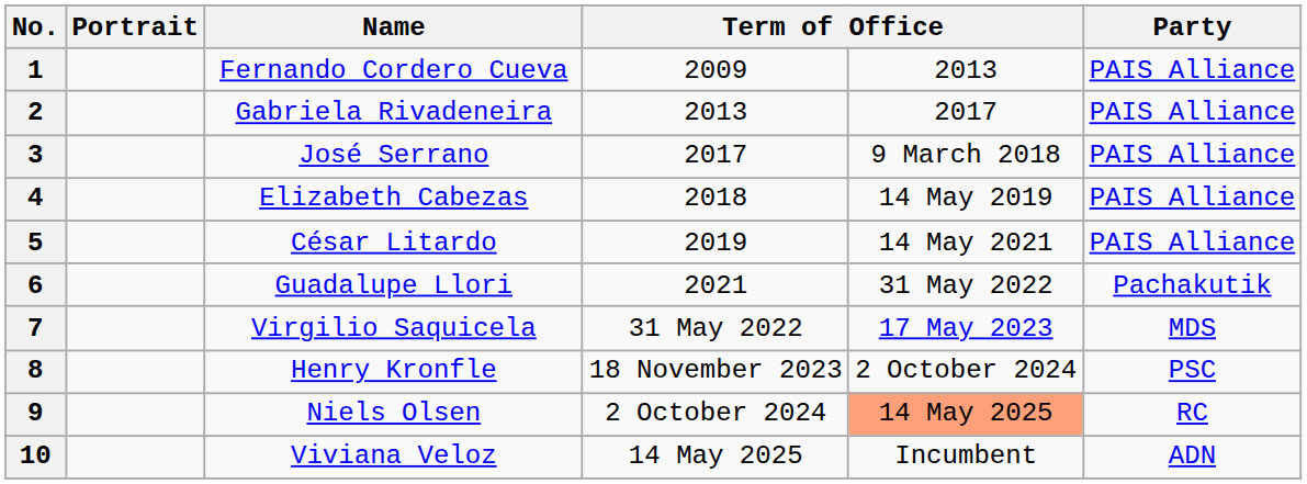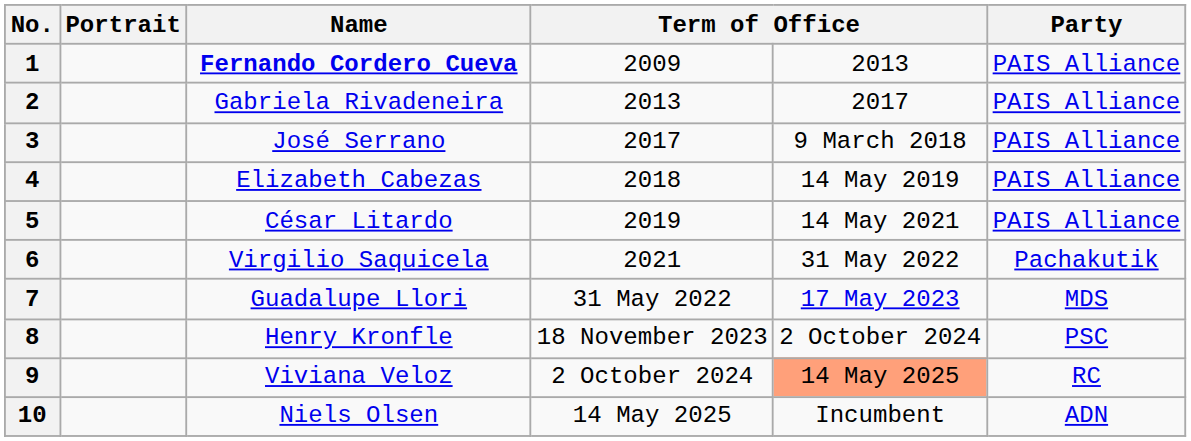 <table class="wikitable" style="text-align:center">
 <tr>
 <th>No.</th>
 <th>Portrait</th>
 <th width=180>Name<br></th>
 <th colspan=2>Term of Office</th>
 <th>Party</th>
 </tr>
 <tr>
 <th style="background:">1</th>
 <td></td>
-<td><a href='#'>Fernando Cordero Cueva</a><br></td>
+<td><strong><a href='#'>Fernando Cordero Cueva</a><br></strong></td>
 <td> 2009</td>
 <td> 2013</td>
 <td><a href='#'>PAIS Alliance</a></td>
 </tr>
 <tr>
 <th style="background:">2</th>
 <td></td>
 <td><a href='#'>Gabriela Rivadeneira</a><br></td>
 <td> 2013</td>
 <td> 2017</td>
 <td><a href='#'>PAIS Alliance</a></td>
 </tr>
 <tr>
 <th style="background:">3</th>
 <td></td>
 <td><a href='#'>José Serrano</a><br></td>
 <td> 2017</td>
 <td>9 March 2018</td>
 <td><a href='#'>PAIS Alliance</a></td>
 </tr>
 <tr>
 <th style="background:">4</th>
 <td></td>
 <td><a href='#'>Elizabeth Cabezas</a><br></td>
 <td> 2018</td>
 <td>14 May 2019</td>
 <td><a href='#'>PAIS Alliance</a></td>
 </tr>
 <tr>
 <th style="background:">5</th>
 <td></td>
 <td><a href='#'>César Litardo</a><br></td>
 <td> 2019</td>
 <td>14 May 2021</td>
 <td><a href='#'>PAIS Alliance</a></td>
 </tr>
 <tr>
 <th style="background:">6</th>
 <td></td>
-<td><a href='#'>Guadalupe Llori</a><br> </td>
+<td><a href='#'>Virgilio Saquicela</a><br> </td>
 <td> 2021</td>
 <td>31 May 2022</td>
 <td><a href='#'>Pachakutik</a></td>
 </tr>
 <tr>
 <th style="background: color:black;">7</th>
 <td></td>
-<td><a href='#'>Virgilio Saquicela</a><br> </td>
+<td><a href='#'>Guadalupe Llori</a><br> </td>
 <td>31 May 2022</td>
 <td><a href='#'>17 May 2023</a></td>
 <td><a href='#'>MDS</a></td>
 </tr>
 <tr>
 <th style="background:">8</th>
 <td></td>
 <td><a href='#'>Henry Kronfle</a><br> </td>
 <td>18 November 2023</td>
 <td>2 October 2024</td>
 <td><a href='#'>PSC</a></td>
 </tr>
 <tr>
 <th style="background:">9</th>
 <td></td>
-<td><a href='#'>Niels Olsen</a><br> </td>
+<td><a href='#'>Viviana Veloz</a><br> </td>
 <td>2 October 2024</td>
 <td style="background: lightsalmon;">14 May 2025</td>
 <td><a href='#'>RC</a></td>
 </tr>
 <tr>
 <th style="background:">10</th>
 <td></td>
-<td><a href='#'>Viviana Veloz</a><br> </td>
+<td><a href='#'>Niels Olsen</a><br> </td>
 <td>14 May 2025 </td>
 <td>Incumbent</td>
 <td><a href='#'>ADN</a></td>
 </tr>
 </table>
